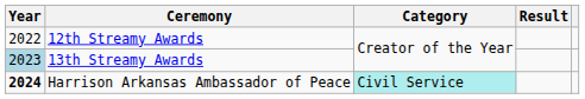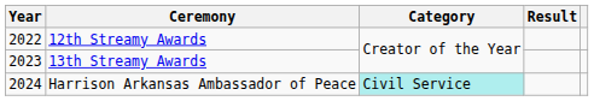 <table class="wikitable sortable">
 <tr>
 <th>Year</th>
 <th>Ceremony</th>
 <th>Category</th>
 <th>Result</th>
 <th></th>
 </tr>
 <tr>
 <td>2022</td>
 <td><a href='#'>12th Streamy Awards</a></td>
 <td rowspan="2">Creator of the Year</td>
 <td></td>
 <td></td>
 </tr>
 <tr>
-<td style="background: lightblue;">2023</td>
+<td>2023</td>
 <td><a href='#'>13th Streamy Awards</a></td>
 <td></td>
 <td></td>
 </tr>
 <tr>
-<td><strong>2024</strong></td>
+<td>2024</td>
 <td>Harrison Arkansas Ambassador of Peace</td>
 <td style="background: paleturquoise;">Civil Service</td>
 <td></td>
 <td></td>
 </tr>
 </table>
